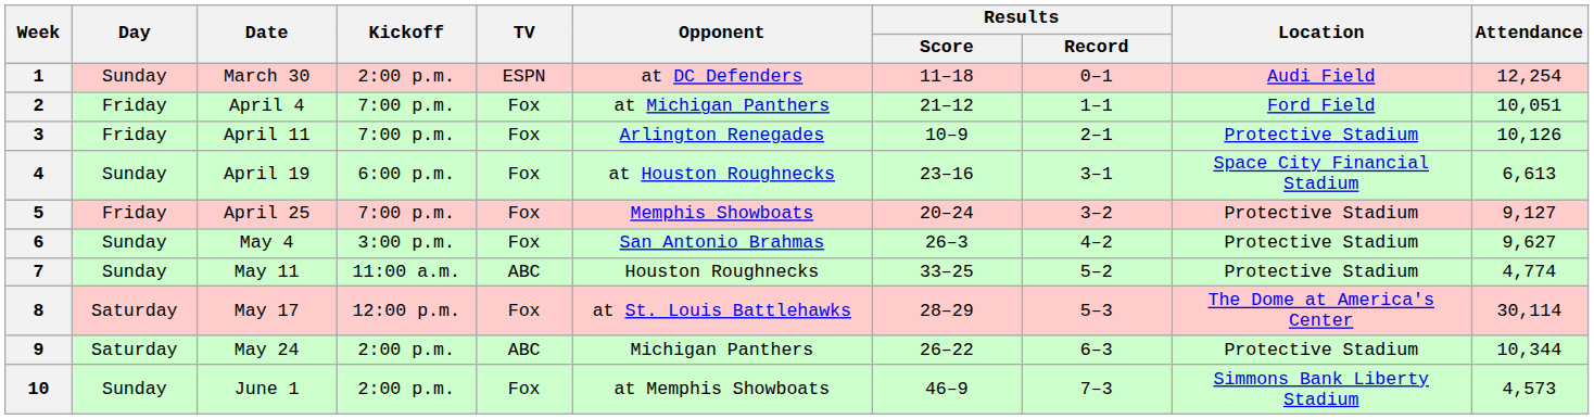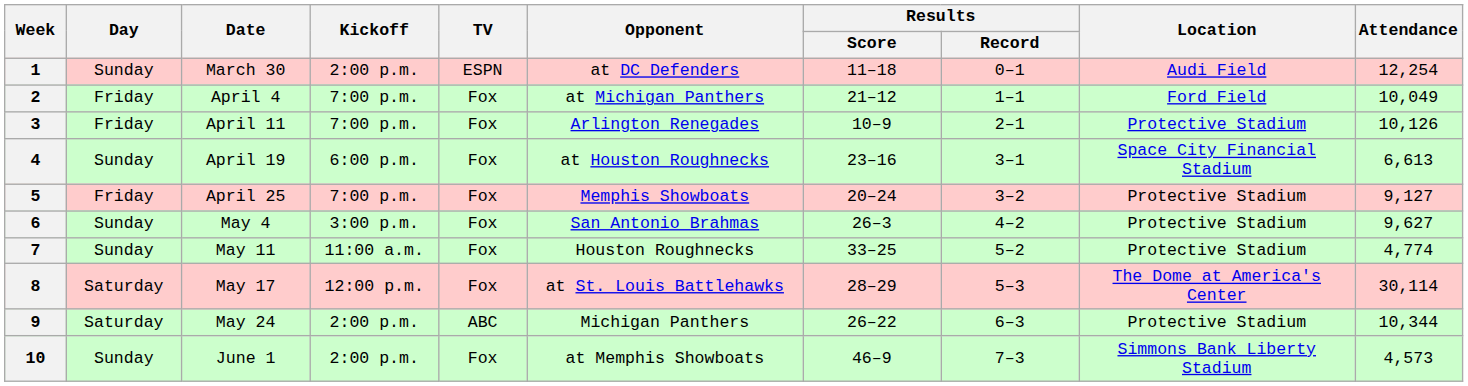 <table class="wikitable" style="text-align:center; font-size: 95%;">
 <tr>
 <th rowspan="2" width="40">Week</th>
 <th rowspan="2" width="80">Day</th>
 <th rowspan="2" width="90">Date</th>
 <th rowspan="2" width="90">Kickoff</th>
 <th rowspan="2" width="60">TV</th>
 <th rowspan="2" width="200">Opponent</th>
 <th colspan="2" width="200">Results</th>
 <th rowspan="2" width="200">Location</th>
 <th rowspan="2">Attendance</th>
 </tr>
 <tr>
 <th width="60">Score</th>
 <th width="60">Record</th>
 </tr>
 <tr style="background:#ffcccc">
 <th>1</th>
 <td>Sunday</td>
 <td>March 30</td>
 <td>2:00 p.m.</td>
 <td>ESPN</td>
 <td>at <a href='#'>DC Defenders</a></td>
 <td>11–18</td>
 <td>0–1</td>
 <td><a href='#'>Audi Field</a></td>
 <td>12,254</td>
 </tr>
 <tr style="background:#ccffcc">
 <th>2</th>
 <td>Friday</td>
 <td>April 4</td>
 <td>7:00 p.m.</td>
 <td>Fox</td>
 <td>at <a href='#'>Michigan Panthers</a></td>
 <td>21–12</td>
 <td>1–1</td>
 <td><a href='#'>Ford Field</a></td>
-<td>10,051</td>
+<td>10,049</td>
 </tr>
 <tr style="background:#ccffcc">
 <th>3</th>
 <td>Friday</td>
 <td>April 11</td>
 <td>7:00 p.m.</td>
 <td>Fox</td>
 <td><a href='#'>Arlington Renegades</a></td>
 <td>10–9</td>
 <td>2–1</td>
 <td><a href='#'>Protective Stadium</a></td>
 <td>10,126</td>
 </tr>
 <tr style="background:#ccffcc">
 <th>4</th>
 <td>Sunday</td>
 <td>April 19</td>
 <td>6:00 p.m.</td>
 <td>Fox</td>
 <td>at <a href='#'>Houston Roughnecks</a></td>
 <td>23–16</td>
 <td>3–1</td>
 <td><a href='#'>Space City Financial Stadium</a></td>
 <td>6,613</td>
 </tr>
 <tr style="background:#ffcccc">
 <th>5</th>
 <td>Friday</td>
 <td>April 25</td>
 <td>7:00 p.m.</td>
 <td>Fox</td>
 <td><a href='#'>Memphis Showboats</a></td>
 <td>20–24</td>
 <td>3–2</td>
 <td>Protective Stadium</td>
 <td>9,127</td>
 </tr>
 <tr style="background:#ccffcc">
 <th>6</th>
 <td>Sunday</td>
 <td>May 4</td>
 <td>3:00 p.m.</td>
 <td>Fox</td>
 <td><a href='#'>San Antonio Brahmas</a></td>
 <td>26–3</td>
 <td>4–2</td>
 <td>Protective Stadium</td>
 <td>9,627</td>
 </tr>
 <tr style="background:#ccffcc">
 <th>7</th>
 <td>Sunday</td>
 <td>May 11</td>
 <td>11:00 a.m.</td>
-<td>ABC</td>
+<td>Fox</td>
 <td>Houston Roughnecks</td>
 <td>33–25</td>
 <td>5–2</td>
 <td>Protective Stadium</td>
 <td>4,774</td>
 </tr>
 <tr style="background:#ffcccc">
 <th>8</th>
 <td>Saturday</td>
 <td>May 17</td>
 <td>12:00 p.m.</td>
 <td>Fox</td>
 <td>at <a href='#'>St. Louis Battlehawks</a></td>
 <td>28–29</td>
 <td>5–3</td>
 <td><a href='#'>The Dome at America's Center</a></td>
 <td>30,114</td>
 </tr>
 <tr style="background:#ccffcc">
 <th>9</th>
 <td>Saturday</td>
 <td>May 24</td>
 <td>2:00 p.m.</td>
 <td>ABC</td>
 <td>Michigan Panthers</td>
 <td>26–22</td>
 <td>6–3</td>
 <td>Protective Stadium</td>
 <td>10,344</td>
 </tr>
 <tr style="background:#ccffcc">
 <th>10</th>
 <td>Sunday</td>
 <td>June 1</td>
 <td>2:00 p.m.</td>
 <td>Fox</td>
 <td>at Memphis Showboats</td>
 <td>46–9</td>
 <td>7–3</td>
 <td><a href='#'>Simmons Bank Liberty Stadium</a></td>
 <td>4,573</td>
 </tr>
 </table>
